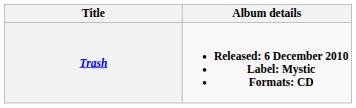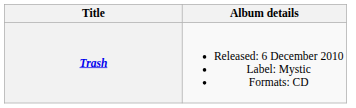 <table class="wikitable plainrowheaders" style="text-align:center;">
 <tr>
 <th scope="col" style="width:15em;">Title</th>
 <th scope="col">Album details</th>
 </tr>
 <tr>
 <th scope="row"><em><a href='#'>Trash</a></em></th>
-<td><strong><br><ul><li>Released: 6 December 2010</li><li>Label: Mystic</li><li>Formats: CD</li></ul></strong></td>
+<td><br><ul><li>Released: 6 December 2010</li><li>Label: Mystic</li><li>Formats: CD</li></ul></td>
 </tr>
 </table>
